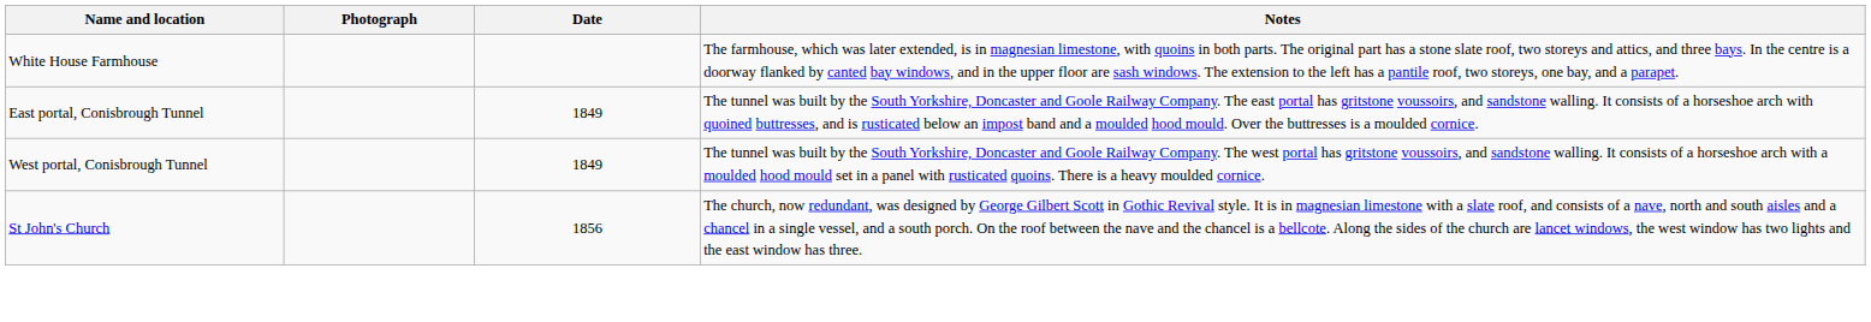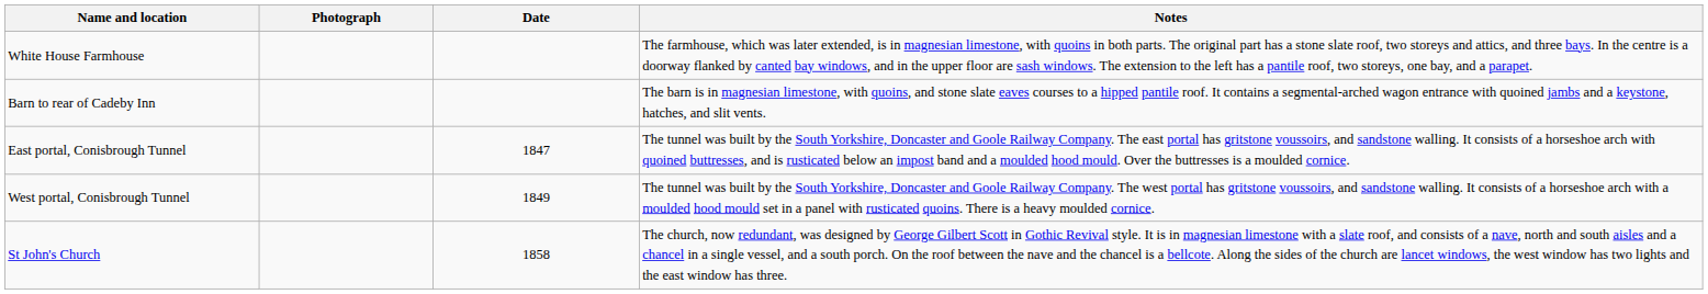 <table class="wikitable sortable plainrowheaders" style="width:100%;border:0px;text-align:left;line-height:150%;">
 <tr>
 <th scope="col"  style="width:150px">Name and location</th>
 <th scope="col"  style="width:100px" class="unsortable">Photograph</th>
 <th scope="col"  style="width:120px">Date</th>
 <th scope="col"  style="width:650px" class="unsortable">Notes</th>
 </tr>
 <tr>
 <td>White House Farmhouse<br><small></small></td>
 <td></td>
 <td align="center"></td>
 <td>The farmhouse, which was later extended, is in <a href='#'>magnesian limestone</a>, with <a href='#'>quoins</a> in both parts.  The original part has a stone slate roof, two storeys and attics, and three <a href='#'>bays</a>.  In the centre is a doorway flanked by <a href='#'>canted</a> <a href='#'>bay windows</a>, and in the upper floor are <a href='#'>sash windows</a>. The extension to the left has a <a href='#'>pantile</a> roof, two storeys, one bay, and a <a href='#'>parapet</a>.</td>
 </tr>
 <tr>
+<td>Barn to rear of Cadeby Inn<br><small></small></td>
+<td></td>
+<td align="center"></td>
+<td>The barn is in <a href='#'>magnesian limestone</a>, with <a href='#'>quoins</a>, and stone slate <a href='#'>eaves</a> courses to a <a href='#'>hipped</a> <a href='#'>pantile</a> roof.  It contains a segmental-arched wagon entrance with quoined <a href='#'>jambs</a> and a <a href='#'>keystone</a>, hatches, and slit vents.</td>
+</tr>
+<tr>
 <td>East portal, Conisbrough Tunnel<br><small></small></td>
 <td></td>
-<td align="center">1849</td>
+<td align="center">1847</td>
 <td>The tunnel was built by the <a href='#'>South Yorkshire, Doncaster and Goole Railway Company</a>.  The east <a href='#'>portal</a> has <a href='#'>gritstone</a> <a href='#'>voussoirs</a>, and <a href='#'>sandstone</a> walling.  It consists of a horseshoe arch with <a href='#'>quoined</a> <a href='#'>buttresses</a>, and is <a href='#'>rusticated</a> below an <a href='#'>impost</a> band and a <a href='#'>moulded</a> <a href='#'>hood mould</a>.  Over the buttresses is a moulded <a href='#'>cornice</a>.</td>
 </tr>
 <tr>
 <td>West portal, Conisbrough Tunnel<br><small></small></td>
 <td></td>
 <td align="center">1849</td>
 <td>The tunnel was built by the <a href='#'>South Yorkshire, Doncaster and Goole Railway Company</a>.  The west <a href='#'>portal</a> has <a href='#'>gritstone</a> <a href='#'>voussoirs</a>, and <a href='#'>sandstone</a> walling.  It consists of a horseshoe arch with a <a href='#'>moulded</a> <a href='#'>hood mould</a> set in a panel with <a href='#'>rusticated</a> <a href='#'>quoins</a>.  There is a heavy moulded <a href='#'>cornice</a>.</td>
 </tr>
 <tr>
 <td><a href='#'>St John's Church</a><br><small></small></td>
 <td></td>
-<td align="center">1856</td>
+<td align="center">1858</td>
 <td>The church, now <a href='#'>redundant</a>, was designed by <a href='#'>George Gilbert Scott</a> in <a href='#'>Gothic Revival</a> style.  It is in <a href='#'>magnesian limestone</a> with a <a href='#'>slate</a> roof, and consists of a <a href='#'>nave</a>, north and south <a href='#'>aisles</a> and a <a href='#'>chancel</a> in a single vessel, and a south porch.  On the roof between the nave and the chancel is a <a href='#'>bellcote</a>.  Along the sides of the church are <a href='#'>lancet windows</a>, the west window has two lights and the east window has three.</td>
 </tr>
 <tr>
 </tr>
 </table>
